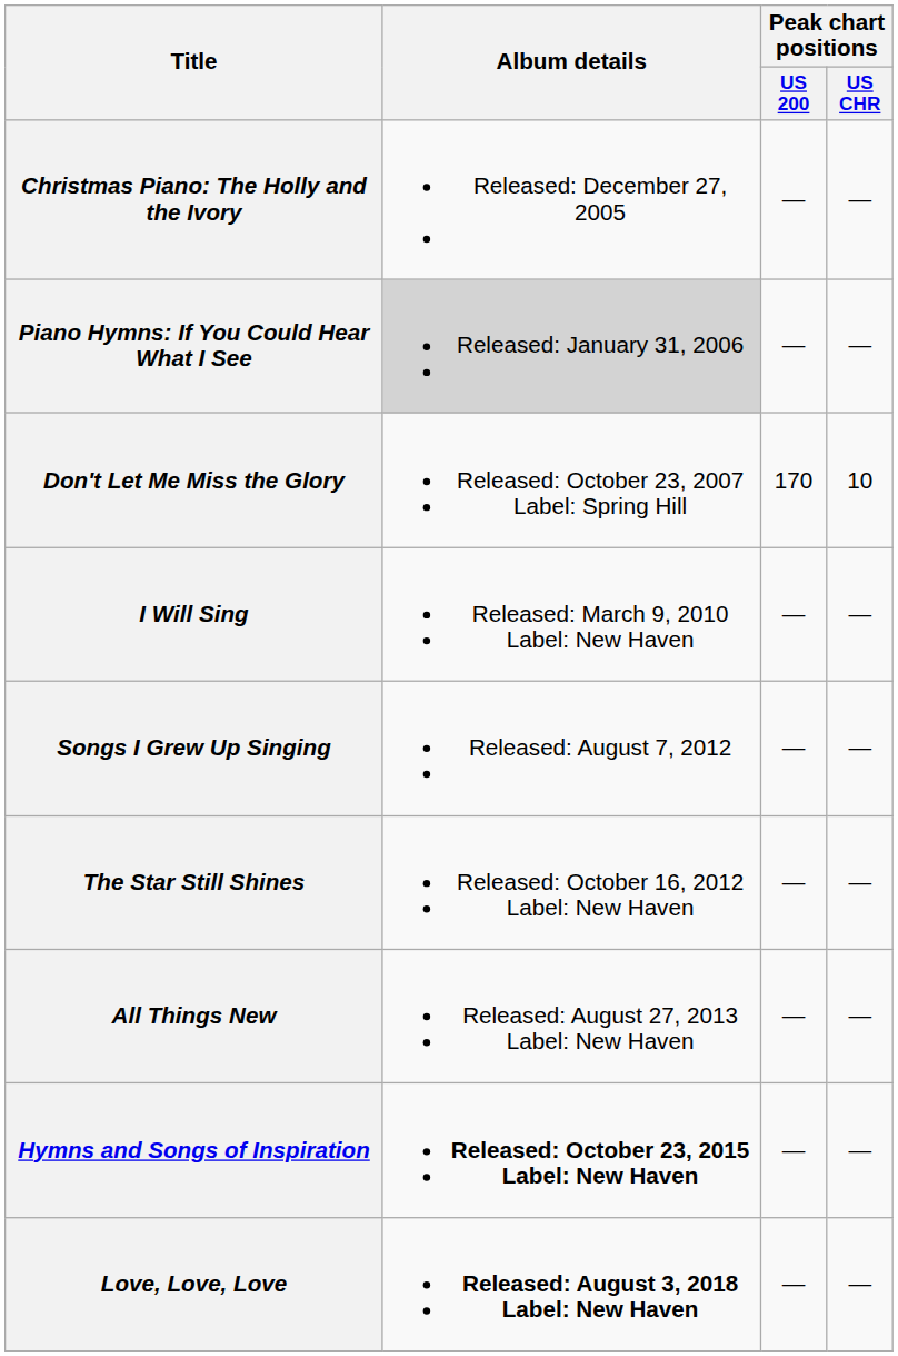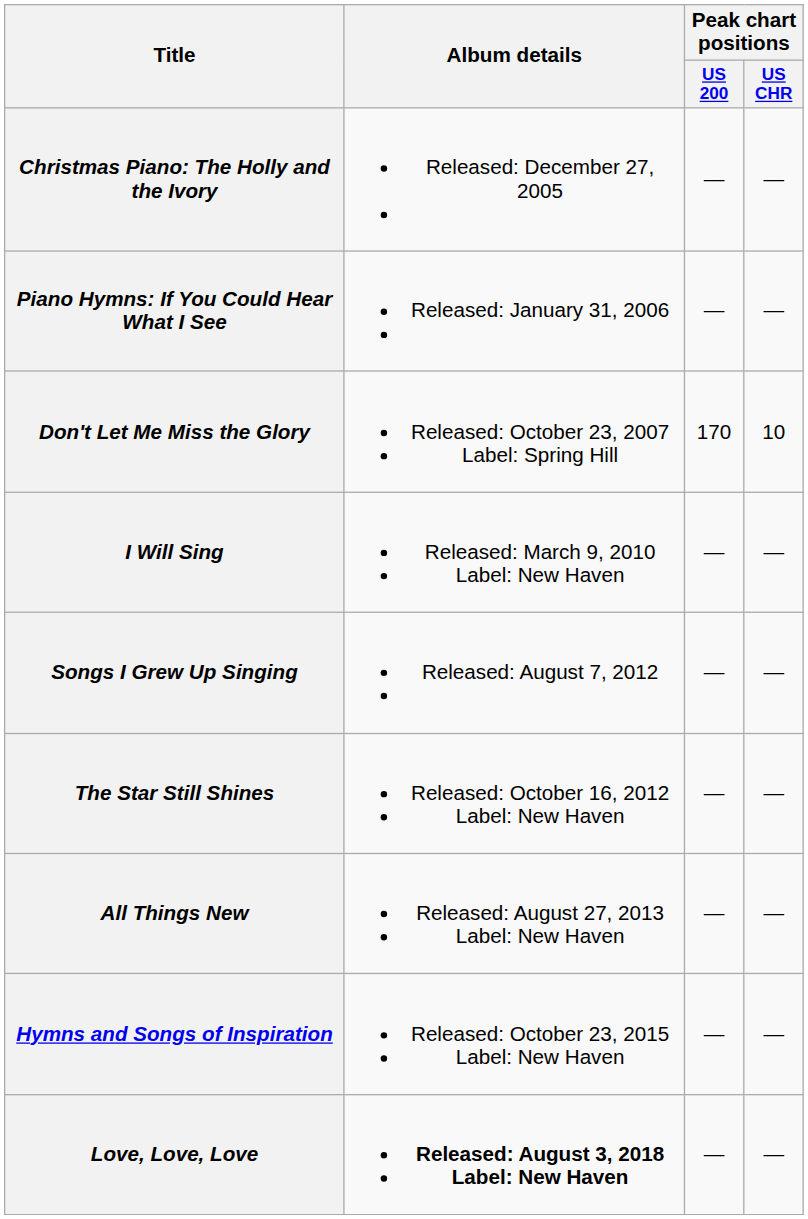 <table class="wikitable plainrowheaders" style="text-align:center;">
 <tr>
 <th scope="col" rowspan="2" style="width:16em;">Title</th>
 <th scope="col" rowspan="2" style="width:16em;">Album details</th>
 <th scope="col" colspan="2">Peak chart positions</th>
 </tr>
 <tr style="font-size:smaller;">
 <th style="width:3em;"><a href='#'>US<br>200</a></th>
 <th style="width:3em;"><a href='#'>US<br>CHR</a></th>
 </tr>
 <tr>
 <th scope="row"><em>Christmas Piano: The Holly and the Ivory</em></th>
 <td><br><ul><li>Released: December 27, 2005</li><li></li></ul></td>
 <td>—</td>
 <td>—</td>
 </tr>
 <tr>
 <th scope="row"><em>Piano Hymns: If You Could Hear What I See</em></th>
-<td style="background: lightgrey;"><br><ul><li>Released: January 31, 2006</li><li></li></ul></td>
+<td><br><ul><li>Released: January 31, 2006</li><li></li></ul></td>
 <td>—</td>
 <td>—</td>
 </tr>
 <tr>
 <th scope="row"><em>Don't Let Me Miss the Glory</em></th>
 <td><br><ul><li>Released: October 23, 2007</li><li>Label: Spring Hill</li></ul></td>
 <td>170</td>
 <td>10</td>
 </tr>
 <tr>
 <th scope="row"><em>I Will Sing</em></th>
 <td><br><ul><li>Released: March 9, 2010</li><li>Label: New Haven</li></ul></td>
 <td>—</td>
 <td>—</td>
 </tr>
 <tr>
 <th scope="row"><em>Songs I Grew Up Singing</em></th>
 <td><br><ul><li>Released: August 7, 2012</li><li></li></ul></td>
 <td>—</td>
 <td>—</td>
 </tr>
 <tr>
 <th scope="row"><em>The Star Still Shines</em></th>
 <td><br><ul><li>Released: October 16, 2012</li><li>Label: New Haven</li></ul></td>
 <td>—</td>
 <td>—</td>
 </tr>
 <tr>
 <th scope="row"><em>All Things New</em></th>
 <td><br><ul><li>Released: August 27, 2013</li><li>Label: New Haven</li></ul></td>
 <td>—</td>
 <td>—</td>
 </tr>
 <tr>
 <th scope="row"><em><a href='#'>Hymns and Songs of Inspiration</a></em></th>
-<td><strong><br><ul><li>Released: October 23, 2015</li><li>Label: New Haven</li></ul></strong></td>
+<td><br><ul><li>Released: October 23, 2015</li><li>Label: New Haven</li></ul></td>
 <td>—</td>
 <td>—</td>
 </tr>
 <tr>
 <th scope="row"><em>Love, Love, Love</em></th>
 <td><strong><br><ul><li>Released: August 3, 2018</li><li>Label: New Haven</li></ul></strong></td>
 <td>—</td>
 <td>—</td>
 </tr>
 </table>
